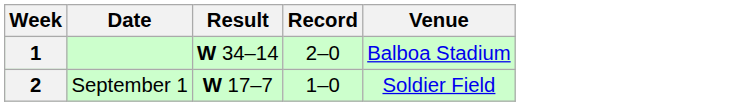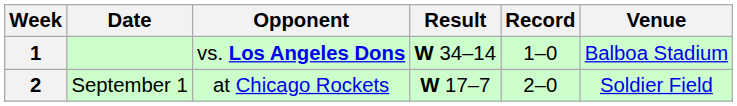 <table class="wikitable" style="text-align:center">
 <tr>
 <th>Week</th>
 <th>Date</th>
+<th>Opponent</th>
 <th>Result</th>
 <th>Record</th>
 <th>Venue</th>
 </tr>
 <tr style="background:#cfc">
 <th>1</th>
 <td></td>
+<td>vs. <strong><a href='#'>Los Angeles Dons</a></strong></td>
 <td><strong>W</strong> 34–14</td>
-<td>2–0</td>
+<td>1–0</td>
 <td><a href='#'>Balboa Stadium</a></td>
 </tr>
 <tr style="background:#cfc">
 <th>2</th>
 <td>September 1</td>
+<td>at <a href='#'>Chicago Rockets</a></td>
 <td><strong>W</strong> 17–7</td>
-<td>1–0</td>
+<td>2–0</td>
 <td><a href='#'>Soldier Field</a></td>
 </tr>
 </table>
